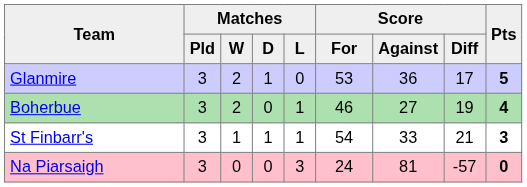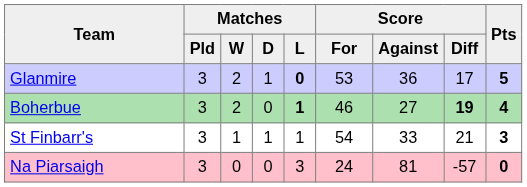 <table style=border-collapse:collapse border=1 cellspacing=0 cellpadding=5>
 <tr align=center bgcolor=#efefef>
 <th rowspan=2 width=165>Team</th>
 <th colspan=4>Matches</th>
 <th colspan=3>Score</th>
 <th rowspan=2width=20>Pts</th>
 </tr>
 <tr align=center bgcolor=#efefef>
 <th width=20>Pld</th>
 <th width=20>W</th>
 <th width=20>D</th>
 <th width=20>L</th>
 <th width=45>For</th>
 <th width=45>Against</th>
 <th width=30>Diff</th>
 </tr>
 <tr align=center style="background:#ccccff;">
 <td style="text-align:left;"><a href='#'>Glanmire</a></td>
 <td>3</td>
 <td>2</td>
 <td>1</td>
-<td>0</td>
+<td><strong>0</strong></td>
 <td>53</td>
 <td>36</td>
 <td>17</td>
 <td><strong>5</strong></td>
 </tr>
 <tr align=center style="background:#ACE1AF;">
 <td style="text-align:left;"><a href='#'>Boherbue</a></td>
 <td>3</td>
 <td>2</td>
 <td>0</td>
-<td>1</td>
+<td><strong>1</strong></td>
 <td>46</td>
 <td>27</td>
-<td>19</td>
+<td><strong>19</strong></td>
 <td><strong>4</strong></td>
 </tr>
 <tr align=center>
 <td style="text-align:left;"><a href='#'>St Finbarr's</a></td>
 <td>3</td>
 <td>1</td>
 <td>1</td>
 <td>1</td>
 <td>54</td>
 <td>33</td>
 <td>21</td>
 <td><strong>3</strong></td>
 </tr>
 <tr align=center style="background:#FFC0CB;">
 <td style="text-align:left;"><a href='#'>Na Piarsaigh</a></td>
 <td>3</td>
 <td>0</td>
 <td>0</td>
 <td>3</td>
 <td>24</td>
 <td>81</td>
 <td>-57</td>
 <td><strong>0</strong></td>
 </tr>
 </table>
